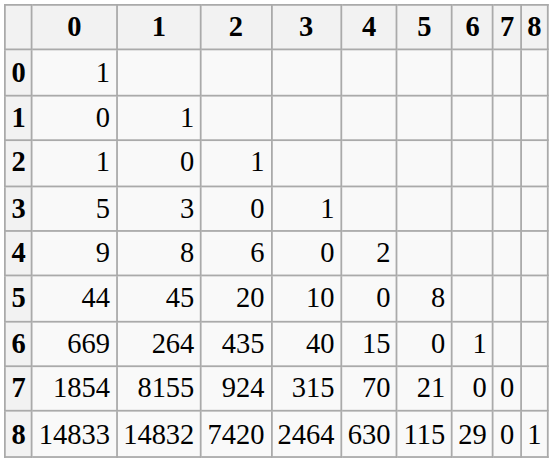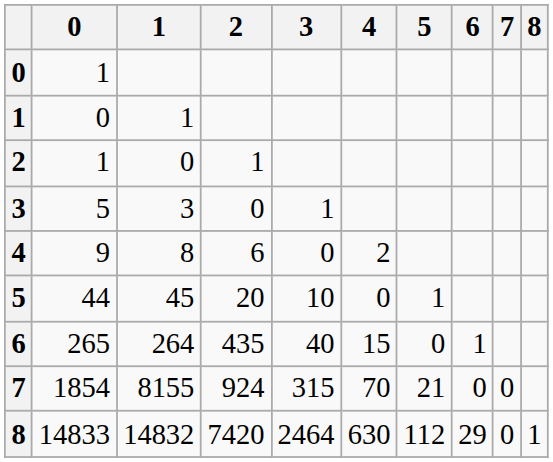 <table class="wikitable" style="text-align:right;">
 <tr>
 <th></th>
 <th>0</th>
 <th>1</th>
 <th>2</th>
 <th>3</th>
 <th>4</th>
 <th>5</th>
 <th>6</th>
 <th>7</th>
 <th>8</th>
 </tr>
 <tr>
 <th>0</th>
 <td>1</td>
 <td></td>
 <td></td>
 <td></td>
 <td></td>
 <td></td>
 <td></td>
 <td></td>
 <td></td>
 </tr>
 <tr>
 <th>1</th>
 <td>0</td>
 <td>1</td>
 <td></td>
 <td></td>
 <td></td>
 <td></td>
 <td></td>
 <td></td>
 <td></td>
 </tr>
 <tr>
 <th>2</th>
 <td>1</td>
 <td>0</td>
 <td>1</td>
 <td></td>
 <td></td>
 <td></td>
 <td></td>
 <td></td>
 <td></td>
 </tr>
 <tr>
 <th>3</th>
 <td>5</td>
 <td>3</td>
 <td>0</td>
 <td>1</td>
 <td></td>
 <td></td>
 <td></td>
 <td></td>
 <td></td>
 </tr>
 <tr>
 <th>4</th>
 <td>9</td>
 <td>8</td>
 <td>6</td>
 <td>0</td>
 <td>2</td>
 <td></td>
 <td></td>
 <td></td>
 <td></td>
 </tr>
 <tr>
 <th>5</th>
 <td>44</td>
 <td>45</td>
 <td>20</td>
 <td>10</td>
 <td>0</td>
-<td>8</td>
+<td>1</td>
 <td></td>
 <td></td>
 <td></td>
 </tr>
 <tr>
 <th>6</th>
-<td>669</td>
+<td>265</td>
 <td>264</td>
 <td>435</td>
 <td>40</td>
 <td>15</td>
 <td>0</td>
 <td>1</td>
 <td></td>
 <td></td>
 </tr>
 <tr>
 <th>7</th>
 <td>1854</td>
 <td>8155</td>
 <td>924</td>
 <td>315</td>
 <td>70</td>
 <td>21</td>
 <td>0</td>
 <td>0</td>
 <td></td>
 </tr>
 <tr>
 <th>8</th>
 <td>14833</td>
 <td>14832</td>
 <td>7420</td>
 <td>2464</td>
 <td>630</td>
-<td>115</td>
+<td>112</td>
 <td>29</td>
 <td>0</td>
 <td>1</td>
 </tr>
 </table>
